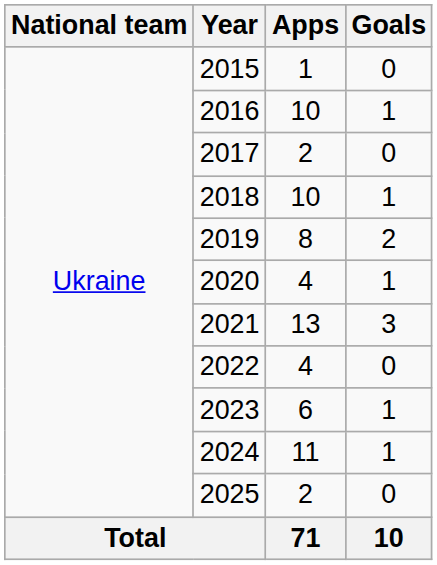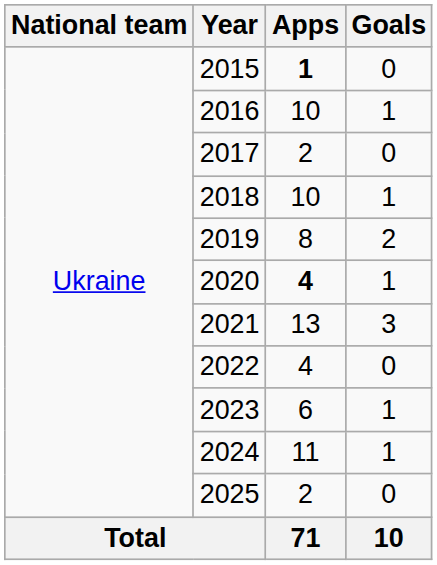 <table class=wikitable style=text-align:center>
 <tr>
 <th>National team</th>
 <th>Year</th>
 <th>Apps</th>
 <th>Goals</th>
 </tr>
 <tr>
 <td rowspan=11><a href='#'>Ukraine</a></td>
 <td>2015</td>
-<td>1</td>
+<td><strong>1</strong></td>
 <td>0</td>
 </tr>
 <tr>
 <td>2016</td>
 <td>10</td>
 <td>1</td>
 </tr>
 <tr>
 <td>2017</td>
 <td>2</td>
 <td>0</td>
 </tr>
 <tr>
 <td>2018</td>
 <td>10</td>
 <td>1</td>
 </tr>
 <tr>
 <td>2019</td>
 <td>8</td>
 <td>2</td>
 </tr>
 <tr>
 <td>2020</td>
-<td>4</td>
+<td><strong>4</strong></td>
 <td>1</td>
 </tr>
 <tr>
 <td>2021</td>
 <td>13</td>
 <td>3</td>
 </tr>
 <tr>
 <td>2022</td>
 <td>4</td>
 <td>0</td>
 </tr>
 <tr>
 <td>2023</td>
 <td>6</td>
 <td>1</td>
 </tr>
 <tr>
 <td>2024</td>
 <td>11</td>
 <td>1</td>
 </tr>
 <tr>
 <td>2025</td>
 <td>2</td>
 <td>0</td>
 </tr>
 <tr>
 <th colspan=2>Total</th>
 <th>71</th>
 <th>10</th>
 </tr>
 </table>
